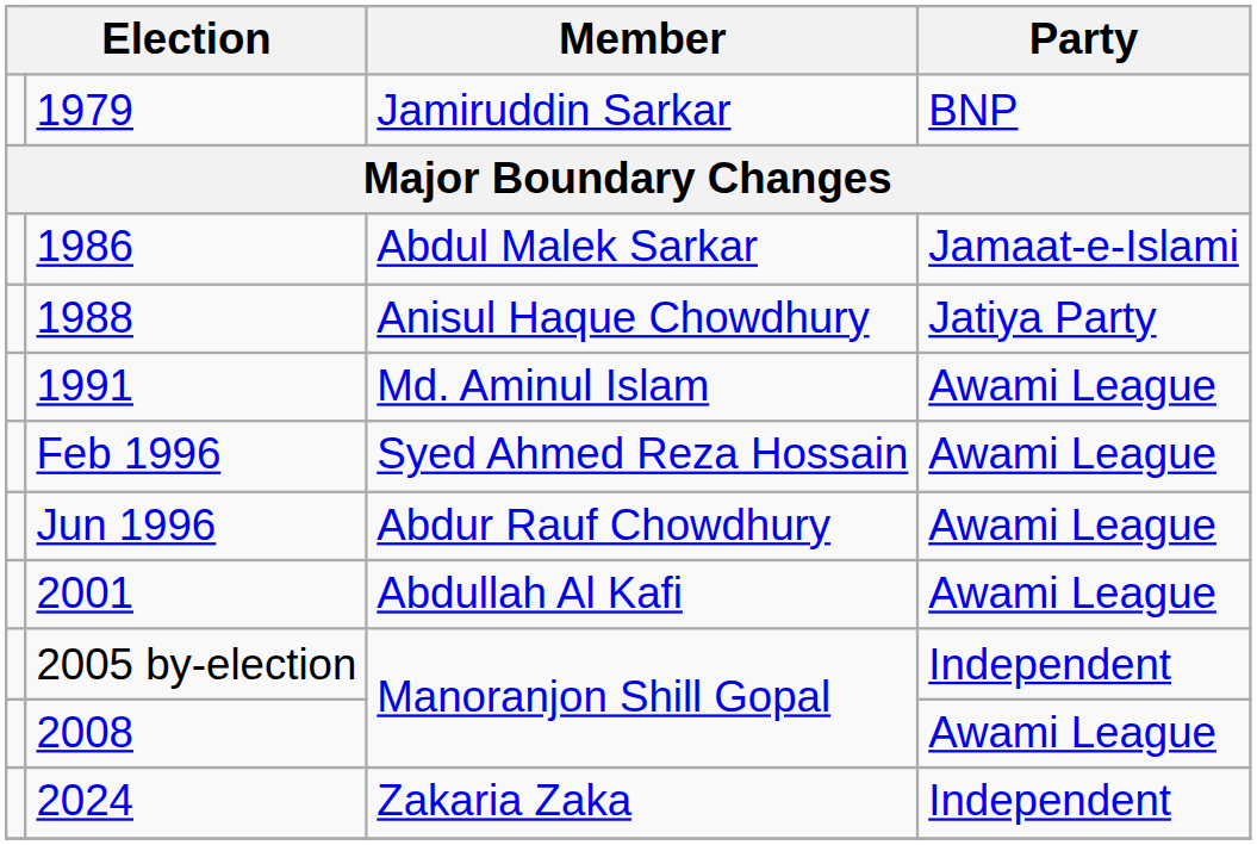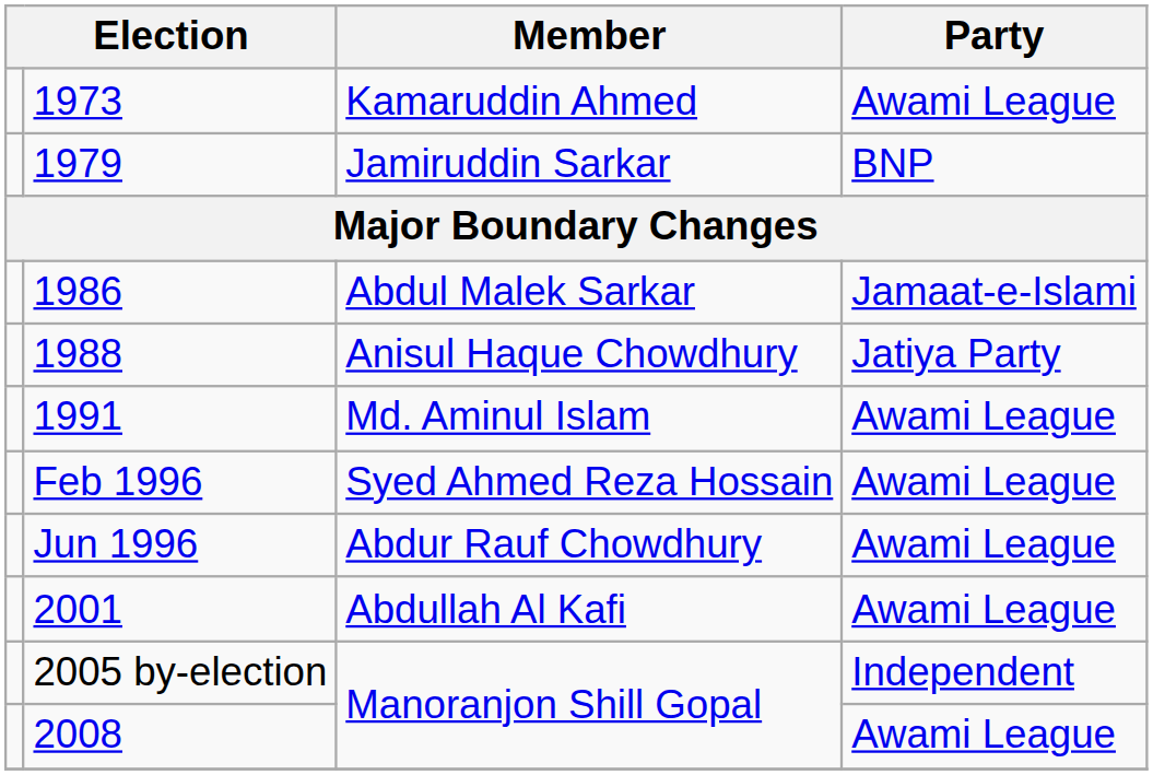 <table class="wikitable">
 <tr>
 <th colspan="2">Election</th>
 <th>Member</th>
 <th>Party</th>
+</tr>
+<tr>
+<td style="background-color:"></td>
+<td><a href='#'>1973</a></td>
+<td><a href='#'>Kamaruddin Ahmed</a></td>
+<td><a href='#'>Awami League</a></td>
 </tr>
 <tr>
 <td style="background-color:"></td>
 <td><a href='#'>1979</a></td>
 <td><a href='#'>Jamiruddin Sarkar</a></td>
 <td><a href='#'>BNP</a></td>
 </tr>
 <tr>
 <th colspan="4">Major Boundary Changes</th>
 </tr>
 <tr>
 <td style="background-color:"></td>
 <td><a href='#'>1986</a></td>
 <td><a href='#'>Abdul Malek Sarkar</a></td>
 <td><a href='#'>Jamaat-e-Islami</a></td>
 </tr>
 <tr>
 <td style="background-color:"></td>
 <td><a href='#'>1988</a></td>
 <td><a href='#'>Anisul Haque Chowdhury</a></td>
 <td><a href='#'>Jatiya Party</a></td>
 </tr>
 <tr>
 <td style="background-color:"></td>
 <td><a href='#'>1991</a></td>
 <td><a href='#'>Md. Aminul Islam</a></td>
 <td><a href='#'>Awami League</a></td>
 </tr>
 <tr>
 <td style="background-color:"></td>
 <td><a href='#'>Feb 1996</a></td>
 <td><a href='#'>Syed Ahmed Reza Hossain</a></td>
 <td><a href='#'>Awami League</a></td>
 </tr>
 <tr>
 <td style="background-color:"></td>
 <td><a href='#'>Jun 1996</a></td>
 <td><a href='#'>Abdur Rauf Chowdhury</a></td>
 <td><a href='#'>Awami League</a></td>
 </tr>
 <tr>
 <td style="background-color:"></td>
 <td><a href='#'>2001</a></td>
 <td><a href='#'>Abdullah Al Kafi</a></td>
 <td><a href='#'>Awami League</a></td>
 </tr>
 <tr>
 <td style="background-color:"></td>
 <td>2005 by-election</td>
 <td rowspan="2"><a href='#'>Manoranjon Shill Gopal</a></td>
 <td><a href='#'>Independent</a></td>
 </tr>
 <tr>
 <td style="background-color:"></td>
 <td><a href='#'>2008</a></td>
 <td><a href='#'>Awami League</a></td>
 </tr>
 <tr>
-<td style="background-color:"></td>
-<td><a href='#'>2024</a></td>
-<td><a href='#'>Zakaria Zaka</a></td>
-<td><a href='#'>Independent</a></td>
-</tr>
-<tr>
 </tr>
 </table>
